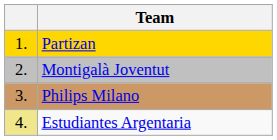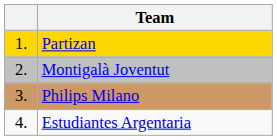 <table class="wikitable" style="text-align:center">
 <tr>
 <th width=25></th>
 <th width=220>Team</th>
 </tr>
 <tr bgcolor=gold>
 <td>1.</td>
 <td align=left> <a href='#'>Partizan</a></td>
 </tr>
 <tr bgcolor=silver>
 <td>2.</td>
 <td align=left> <a href='#'>Montigalà Joventut</a></td>
 </tr>
 <tr bgcolor=cc9966>
 <td>3.</td>
 <td align=left> <a href='#'>Philips Milano</a></td>
 </tr>
 <tr>
-<td style="background: khaki;">4.</td>
+<td>4.</td>
 <td align=left> <a href='#'>Estudiantes Argentaria</a></td>
 </tr>
 </table>
